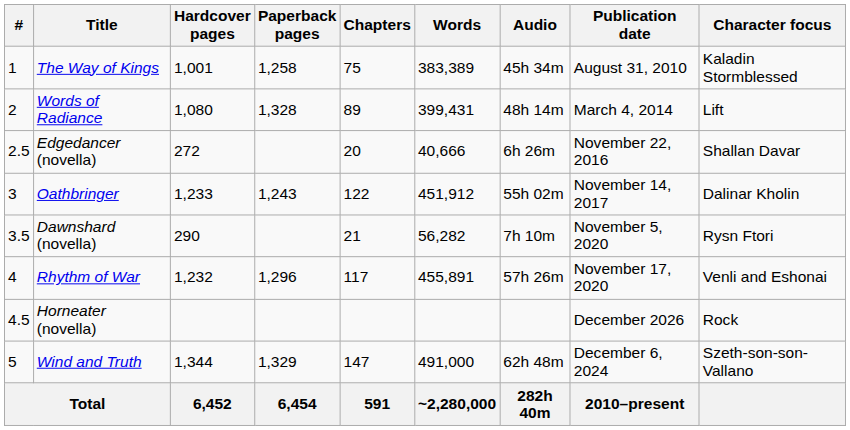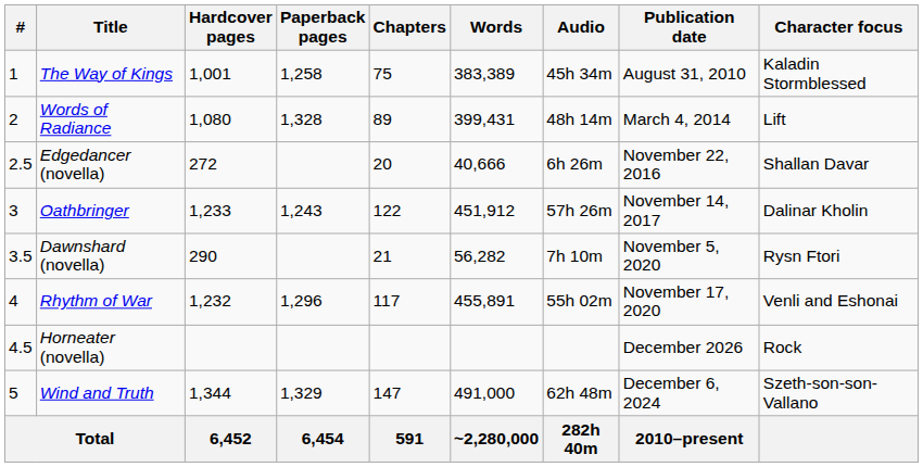 <table class="wikitable">
 <tr>
 <th>#</th>
 <th>Title</th>
 <th>Hardcover<br>pages</th>
 <th>Paperback<br>pages</th>
 <th>Chapters</th>
 <th>Words</th>
 <th>Audio</th>
 <th>Publication<br>date</th>
 <th>Character focus</th>
 </tr>
 <tr>
 <td>1</td>
 <td><em><a href='#'>The Way of Kings</a></em></td>
 <td>1,001</td>
 <td>1,258</td>
 <td>75</td>
 <td>383,389</td>
 <td>45h 34m</td>
 <td>August 31, 2010</td>
 <td>Kaladin Stormblessed</td>
 </tr>
 <tr>
 <td>2</td>
 <td><em><a href='#'>Words of Radiance</a></em></td>
 <td>1,080</td>
 <td>1,328</td>
 <td>89</td>
 <td>399,431</td>
 <td>48h 14m</td>
 <td>March 4, 2014</td>
 <td>Lift</td>
 </tr>
 <tr>
 <td>2.5</td>
 <td><em>Edgedancer</em> (novella)</td>
 <td>272</td>
 <td></td>
 <td>20</td>
 <td>40,666</td>
 <td>6h 26m</td>
 <td>November 22, 2016</td>
 <td>Shallan Davar</td>
 </tr>
 <tr>
 <td>3</td>
 <td><em><a href='#'>Oathbringer</a></em></td>
 <td>1,233</td>
 <td>1,243</td>
 <td>122</td>
 <td>451,912</td>
-<td>55h 02m</td>
+<td>57h 26m</td>
 <td>November 14, 2017</td>
 <td>Dalinar Kholin</td>
 </tr>
 <tr>
 <td>3.5</td>
 <td><em>Dawnshard</em> (novella)</td>
 <td>290</td>
 <td></td>
 <td>21</td>
 <td>56,282</td>
 <td>7h 10m</td>
 <td>November 5, 2020</td>
 <td>Rysn Ftori</td>
 </tr>
 <tr>
 <td>4</td>
 <td><em><a href='#'>Rhythm of War</a></em></td>
 <td>1,232</td>
 <td>1,296</td>
 <td>117</td>
 <td>455,891</td>
-<td>57h 26m</td>
+<td>55h 02m</td>
 <td>November 17, 2020</td>
 <td>Venli and Eshonai</td>
 </tr>
 <tr>
 <td>4.5</td>
 <td><em>Horneater</em> (novella)</td>
 <td></td>
 <td></td>
 <td></td>
 <td></td>
 <td></td>
 <td>December 2026</td>
 <td>Rock</td>
 </tr>
 <tr>
 <td>5</td>
 <td><em><a href='#'>Wind and Truth</a></em></td>
 <td>1,344</td>
 <td>1,329</td>
 <td>147</td>
 <td>491,000</td>
 <td>62h 48m</td>
 <td>December 6, 2024</td>
 <td>Szeth-son-son-Vallano</td>
 </tr>
 <tr>
 <th colspan="2">Total</th>
 <th>6,452</th>
 <th>6,454</th>
 <th>591</th>
 <th>~2,280,000</th>
 <th>282h 40m</th>
 <th>2010–present</th>
 <th></th>
 </tr>
 </table>
